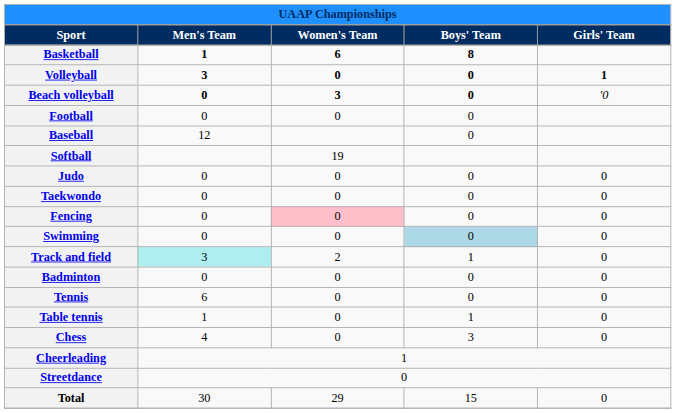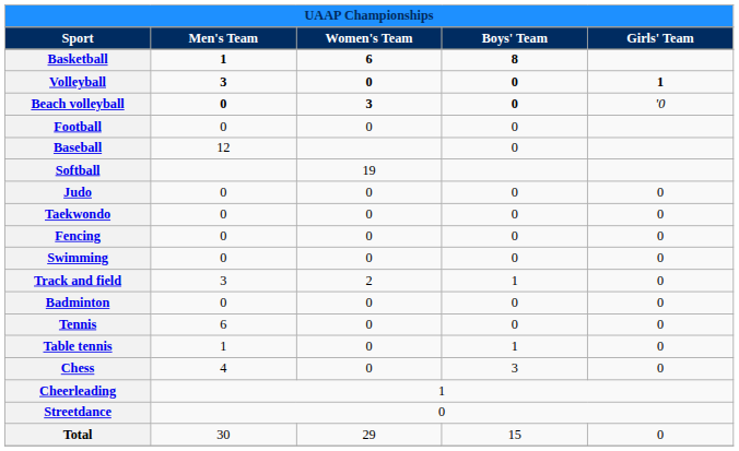 <table class="wikitable sortable" style="font-size:90%; text-align:center;">
 <tr>
 <th colspan="8" style= "background:#1E90FF; color:#002C61; text-align: center"><strong>UAAP Championships</strong></th>
 </tr>
 <tr>
 </tr>
 <tr style="background:#CFB53B;">
 <th style="width:150px; background:#002C61; Color:#ffffff;">Sport</th>
 <th style="width:150px; background:#002C61; Color:#ffffff;">Men's Team</th>
 <th style="width:150px; background:#002C61; Color:#ffffff;">Women's Team</th>
 <th style="width:150px; background:#002C61; Color:#ffffff;">Boys' Team</th>
 <th style="width:150px; background:#002C61; Color:#ffffff;">Girls' Team</th>
 </tr>
 <tr>
 </tr>
 <tr>
 <th scope="row"> <a href='#'>Basketball</a></th>
 <td><strong>1</strong></td>
 <td><strong>6</strong></td>
 <td><strong>8</strong></td>
 <td></td>
 </tr>
 <tr>
 <th scope="row"> <a href='#'>Volleyball</a></th>
 <td><strong>3</strong></td>
 <td><strong>0</strong></td>
 <td><strong>0</strong></td>
 <td><strong>1</strong></td>
 </tr>
 <tr>
 <th scope="row"> <a href='#'>Beach volleyball</a></th>
 <td><strong>0</strong></td>
 <td><strong>3</strong></td>
 <td><strong>0</strong></td>
 <td><em> '0<strong></td>
 </tr>
 <tr>
 <th scope="row"> <a href='#'>Football</a></th>
 <td></strong>0<strong></td>
 <td></strong>0<strong></td>
 <td></strong>0<strong></td>
 <td></td>
 </tr>
 <tr>
 <th scope="row"> <a href='#'>Baseball</a></th>
 <td></strong>12<strong></td>
 <td></td>
 <td></strong>0<strong></td>
 <td></td>
 </tr>
 <tr>
 <th scope="row"> <a href='#'>Softball</a></th>
 <td></td>
 <td></strong>19<strong></td>
 <td></td>
 <td></td>
 </tr>
 <tr>
 <th scope="row"> <a href='#'>Judo</a></th>
 <td></strong>0<strong></td>
 <td></strong>0<strong></td>
 <td></strong>0<strong></td>
 <td></strong>0<strong></td>
 </tr>
 <tr>
 <th scope="row"> <a href='#'>Taekwondo</a></th>
 <td></strong>0<strong></td>
 <td></strong>0<strong></td>
 <td></strong>0<strong></td>
 <td></strong>0<strong></td>
 </tr>
 <tr>
 <th scope="row"> <a href='#'>Fencing</a></th>
 <td></strong>0<strong></td>
-<td style="background: pink;"></strong>0<strong></td>
+<td></strong>0<strong></td>
 <td></strong>0<strong></td>
 <td></strong>0<strong></td>
 </tr>
 <tr>
 <th scope="row"> <a href='#'>Swimming</a></th>
 <td></strong>0<strong></td>
 <td></strong>0<strong></td>
-<td style="background: lightblue;"></strong>0<strong></td>
+<td></strong>0<strong></td>
 <td></strong>0<strong></td>
 </tr>
 <tr>
 <th scope="row"> <a href='#'>Track and field</a></th>
-<td style="background: paleturquoise;"></strong>3<strong></td>
+<td></strong>3<strong></td>
 <td></strong>2<strong></td>
 <td></strong>1<strong></td>
 <td></strong>0<strong></td>
 </tr>
 <tr>
 <th scope="row"> <a href='#'>Badminton</a></th>
 <td></strong>0<strong></td>
 <td></strong>0<strong></td>
 <td></strong>0<strong></td>
 <td></strong>0<strong></td>
 </tr>
 <tr>
 <th scope="row"> <a href='#'>Tennis</a></th>
 <td></strong>6<strong></td>
 <td></strong>0<strong></td>
 <td></strong>0<strong></td>
 <td></strong>0<strong></td>
 </tr>
 <tr>
 <th scope="row"> <a href='#'>Table tennis</a></th>
 <td></strong>1<strong></td>
 <td></strong>0<strong></td>
 <td></strong>1<strong></td>
 <td></strong>0<strong></td>
 </tr>
 <tr>
 <th scope="row"> <a href='#'>Chess</a></th>
 <td></strong>4<strong></td>
 <td></strong>0<strong></td>
 <td></strong>3<strong></td>
 <td></strong>0<strong></td>
 </tr>
 <tr>
 <th scope="row"> <a href='#'>Cheerleading</a></th>
 <td colspan="4"></strong>1<strong></td>
 </tr>
 <tr>
 <th scope="row"> <a href='#'>Streetdance</a></th>
 <td colspan="4"></strong>0<strong></td>
 </tr>
 <tr>
 <th scope="row"></strong>Total<strong></th>
 <td></strong>30<strong></td>
 <td></strong>29<strong></td>
 <td></strong>15<strong></td>
 <td></strong>0<strong></td>
 </tr>
 <tr>
 </tr>
 </table>
